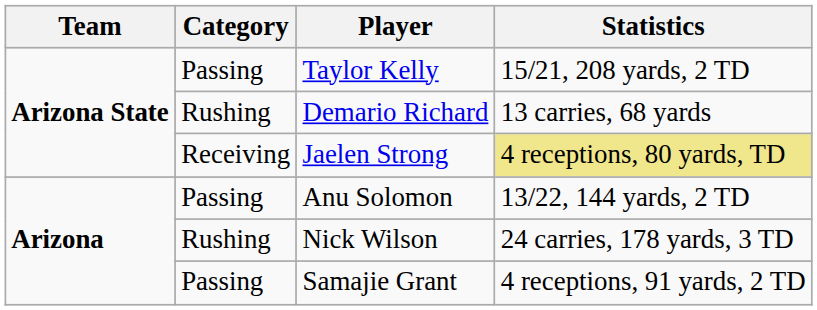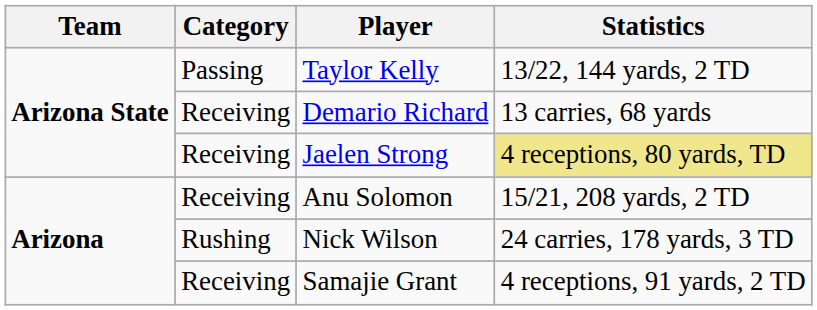 <table class="wikitable" style="float: right;">
 <tr>
 <th>Team</th>
 <th>Category</th>
 <th>Player</th>
 <th>Statistics</th>
 </tr>
 <tr>
 <td rowspan=3><strong>Arizona State</strong></td>
 <td>Passing</td>
 <td><a href='#'>Taylor Kelly</a></td>
-<td>15/21, 208 yards, 2 TD</td>
+<td>13/22, 144 yards, 2 TD</td>
 </tr>
 <tr>
-<td>Rushing</td>
+<td>Receiving</td>
 <td><a href='#'>Demario Richard</a></td>
 <td>13 carries, 68 yards</td>
 </tr>
 <tr>
 <td>Receiving</td>
 <td><a href='#'>Jaelen Strong</a></td>
 <td style="background: khaki;">4 receptions, 80 yards, TD</td>
 </tr>
 <tr>
 <td rowspan=3><strong>Arizona</strong></td>
-<td>Passing</td>
+<td>Receiving</td>
 <td>Anu Solomon</td>
-<td>13/22, 144 yards, 2 TD</td>
+<td>15/21, 208 yards, 2 TD</td>
 </tr>
 <tr>
 <td>Rushing</td>
 <td>Nick Wilson</td>
 <td>24 carries, 178 yards, 3 TD</td>
 </tr>
 <tr>
-<td>Passing</td>
+<td>Receiving</td>
 <td>Samajie Grant</td>
 <td>4 receptions, 91 yards, 2 TD</td>
 </tr>
 </table>
